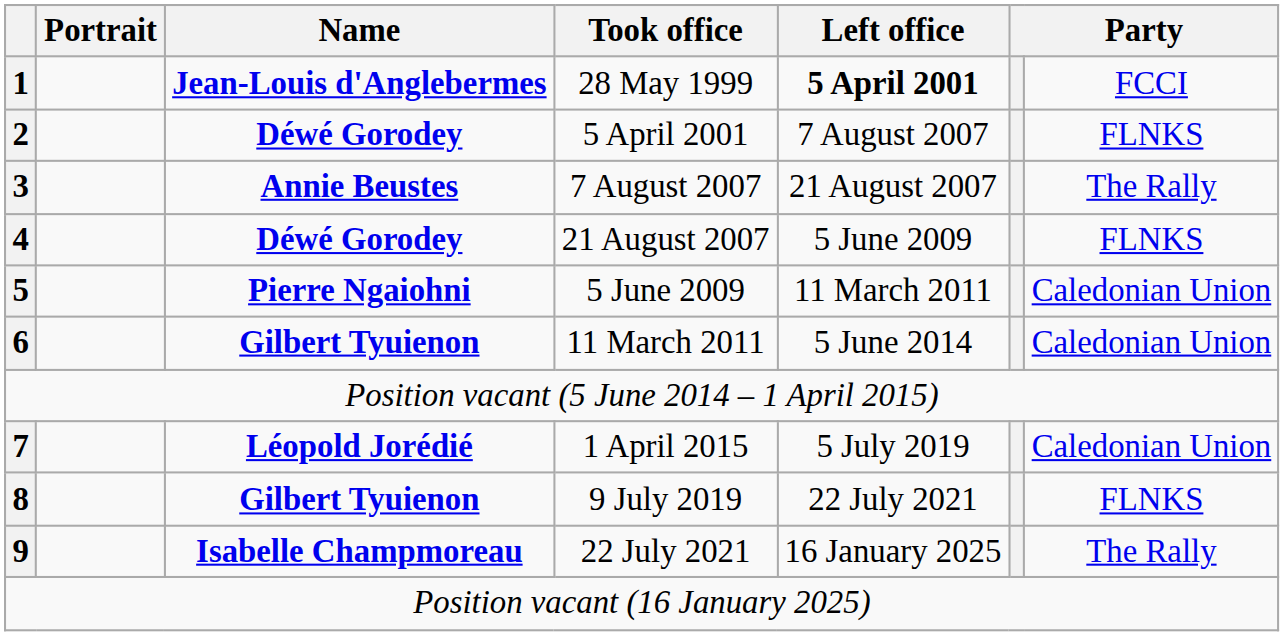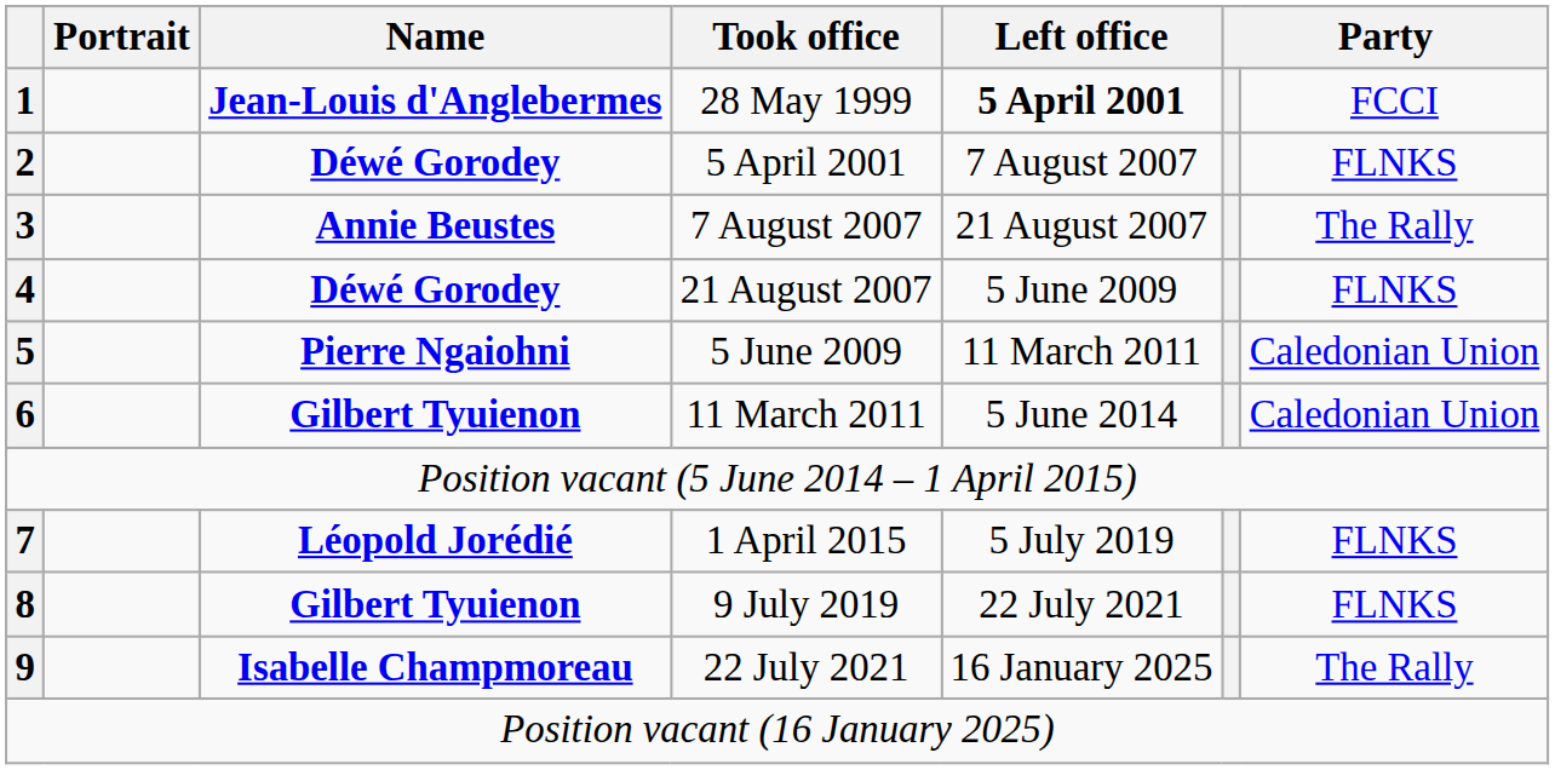 <table class="wikitable" style="text-align:center;">
 <tr>
 <th></th>
 <th>Portrait</th>
 <th>Name</th>
 <th>Took office</th>
 <th>Left office</th>
 <th colspan="2">Party</th>
 </tr>
 <tr>
 <th>1</th>
 <td></td>
 <td><strong><a href='#'>Jean-Louis d'Anglebermes</a></strong><br></td>
 <td>28 May 1999</td>
 <td><strong>5 April 2001</strong></td>
 <th style="background:"></th>
 <td><a href='#'>FCCI</a></td>
 </tr>
 <tr>
 <th>2</th>
 <td></td>
 <td><strong><a href='#'>Déwé Gorodey</a></strong><br></td>
 <td>5 April 2001</td>
 <td>7 August 2007</td>
 <th style="background:"></th>
 <td><a href='#'>FLNKS</a></td>
 </tr>
 <tr>
 <th>3</th>
 <td></td>
 <td><strong><a href='#'>Annie Beustes</a></strong><br></td>
 <td>7 August 2007</td>
 <td>21 August 2007</td>
 <th style="background:"></th>
 <td><a href='#'>The Rally</a></td>
 </tr>
 <tr>
 <th>4</th>
 <td></td>
 <td><strong><a href='#'>Déwé Gorodey</a></strong><br></td>
 <td>21 August 2007</td>
 <td>5 June 2009</td>
 <th style="background:"></th>
 <td><a href='#'>FLNKS</a></td>
 </tr>
 <tr>
 <th>5</th>
 <td></td>
 <td><strong><a href='#'>Pierre Ngaiohni</a></strong><br></td>
 <td>5 June 2009</td>
 <td>11 March 2011</td>
 <th style="background:"></th>
 <td><a href='#'>Caledonian Union</a></td>
 </tr>
 <tr>
 <th>6</th>
 <td></td>
 <td><strong><a href='#'>Gilbert Tyuienon</a></strong><br></td>
 <td>11 March 2011</td>
 <td>5 June 2014</td>
 <th style="background:"></th>
 <td><a href='#'>Caledonian Union</a></td>
 </tr>
 <tr>
 <td colspan="7"><em>Position vacant (5 June 2014 – 1 April 2015)</em></td>
 </tr>
 <tr>
 <th>7</th>
 <td></td>
 <td><strong><a href='#'>Léopold Jorédié</a></strong><br></td>
 <td>1 April 2015</td>
 <td>5 July 2019</td>
 <th style="background:"></th>
-<td><a href='#'>Caledonian Union</a></td>
+<td><a href='#'>FLNKS</a></td>
 </tr>
 <tr>
 <th>8</th>
 <td></td>
 <td><strong><a href='#'>Gilbert Tyuienon</a></strong><br></td>
 <td>9 July 2019</td>
 <td>22 July 2021</td>
 <th style="background:"></th>
 <td><a href='#'>FLNKS</a></td>
 </tr>
 <tr>
 <th>9</th>
 <td></td>
 <td><strong><a href='#'>Isabelle Champmoreau</a></strong><br></td>
 <td>22 July 2021</td>
 <td>16 January 2025</td>
 <th style="background:"></th>
 <td><a href='#'>The Rally</a></td>
 </tr>
 <tr>
 <td colspan="7"><em>Position vacant (16 January 2025)</em></td>
 </tr>
 </table>
